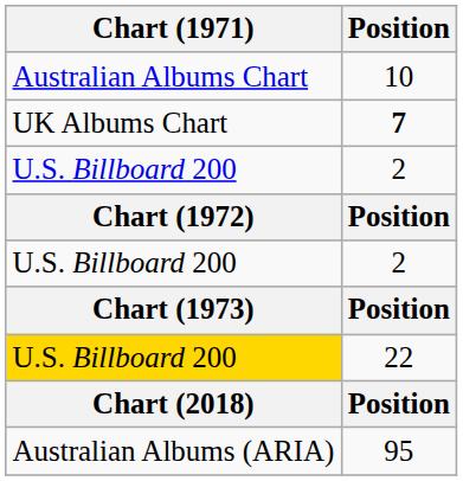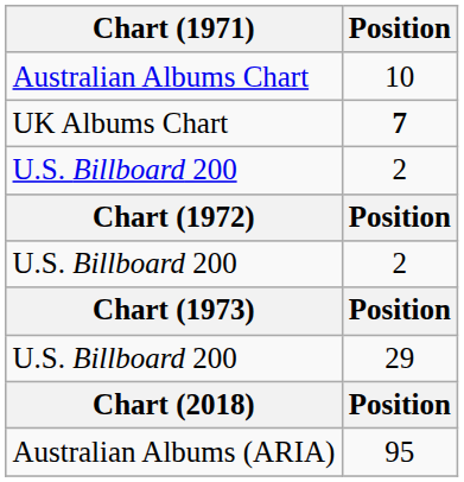 <table class="wikitable" style="text-align:center;">
 <tr>
 <th>Chart (1971)</th>
 <th>Position</th>
 </tr>
 <tr>
 <td align="left"><a href='#'>Australian Albums Chart</a></td>
 <td>10</td>
 </tr>
 <tr>
 <td align="left">UK Albums Chart</td>
 <td><strong>7</strong></td>
 </tr>
 <tr>
 <td align="left"><a href='#'>U.S. <em>Billboard</em> 200</a></td>
 <td>2</td>
 </tr>
 <tr>
 <th>Chart (1972)</th>
 <th>Position</th>
 </tr>
 <tr>
 <td align="left">U.S. <em>Billboard</em> 200</td>
 <td>2</td>
 </tr>
 <tr>
 <th>Chart (1973)</th>
 <th>Position</th>
 </tr>
 <tr>
-<td align="left" style="background: gold;">U.S. <em>Billboard</em> 200</td>
-<td>22</td>
+<td align="left">U.S. <em>Billboard</em> 200</td>
+<td>29</td>
 </tr>
 <tr>
 <th>Chart (2018)</th>
 <th>Position</th>
 </tr>
 <tr>
 <td scope="row">Australian Albums (ARIA)</td>
 <td>95</td>
 </tr>
 </table>
